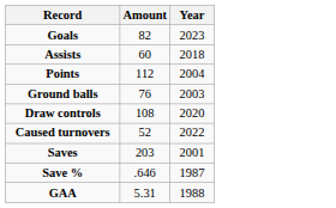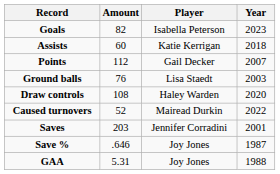 <table class="wikitable">
 <tr>
 <th style="width:140px; ">Record</th>
 <th style="width:35px; ">Amount</th>
+<th style="width:140px; ">Player</th>
 <th style="width:50px; ">Year</th>
 </tr>
 <tr style="text-align:center;">
 <td><strong>Goals</strong></td>
 <td>82</td>
+<td>Isabella Peterson</td>
 <td>2023</td>
 </tr>
 <tr style="text-align:center;">
 <td><strong>Assists</strong></td>
 <td>60</td>
+<td>Katie Kerrigan</td>
 <td>2018</td>
 </tr>
 <tr style="text-align:center;">
 <td><strong>Points</strong></td>
 <td>112</td>
-<td>2004</td>
+<td>Gail Decker</td>
+<td>2007</td>
 </tr>
 <tr style="text-align:center;">
 <td><strong>Ground balls</strong></td>
 <td>76</td>
+<td>Lisa Staedt</td>
 <td>2003</td>
 </tr>
 <tr style="text-align:center;">
 <td><strong>Draw controls</strong></td>
 <td>108</td>
+<td>Haley Warden</td>
 <td>2020</td>
 </tr>
 <tr style="text-align:center;">
 <td><strong>Caused turnovers</strong></td>
 <td>52</td>
+<td>Mairead Durkin</td>
 <td>2022</td>
 </tr>
 <tr style="text-align:center;">
 <td><strong>Saves</strong></td>
 <td>203</td>
+<td>Jennifer Corradini</td>
 <td>2001</td>
 </tr>
 <tr style="text-align:center;">
 <td><strong>Save %</strong></td>
 <td>.646</td>
+<td>Joy Jones</td>
 <td>1987</td>
 </tr>
 <tr style="text-align:center;">
 <td><strong>GAA</strong></td>
 <td>5.31</td>
+<td>Joy Jones</td>
 <td>1988</td>
 </tr>
 </table>
